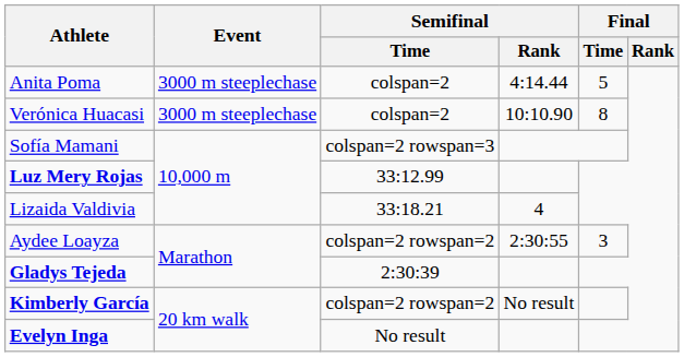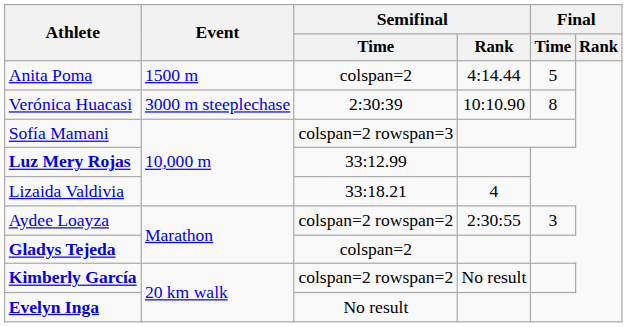 <table class=wikitable style=font-size:90%;text-align:center>
 <tr>
 <th rowspan=2>Athlete</th>
 <th rowspan=2>Event</th>
 <th colspan=2>Semifinal</th>
 <th colspan=2>Final</th>
 </tr>
 <tr style=font-size:95%>
 <th>Time</th>
 <th>Rank</th>
 <th>Time</th>
 <th>Rank</th>
 </tr>
 <tr>
 <td align=left><a href='#'>Anita Poma⁣⁣</a></td>
-<td align=left><a href='#'>3000 m steeplechase</a></td>
+<td align=left><a href='#'>1500 m</a></td>
 <td>colspan=2 </td>
 <td>4:14.44</td>
 <td>5</td>
 </tr>
 <tr>
 <td align=left><a href='#'>Verónica Huacasi⁣</a></td>
 <td align=left><a href='#'>3000 m steeplechase</a></td>
-<td>colspan=2 </td>
+<td>2:30:39</td>
 <td>10:10.90</td>
 <td>8</td>
 </tr>
 <tr>
 <td align=left><a href='#'>Sofía Mamani⁣⁣</a></td>
 <td align=left rowspan=3><a href='#'>10,000 m</a></td>
 <td>colspan=2 rowspan=3 </td>
 <td colspan=2></td>
 </tr>
 <tr>
 <td align=left><strong><a href='#'>Luz Mery Rojas</a></strong></td>
 <td>33:12.99</td>
 <td></td>
 </tr>
 <tr>
 <td align=left><a href='#'>Lizaida Valdivia⁣⁣</a></td>
 <td>33:18.21</td>
 <td>4</td>
 </tr>
 <tr>
 <td align=left><a href='#'>Aydee Loayza⁣</a></td>
 <td align=left rowspan=2><a href='#'>Marathon</a></td>
 <td>colspan=2 rowspan=2 </td>
 <td>2:30:55</td>
 <td>3</td>
 </tr>
 <tr>
 <td align=left><strong><a href='#'>Gladys Tejeda</a>⁣</strong></td>
-<td>2:30:39</td>
+<td>colspan=2 </td>
 <td></td>
 </tr>
 <tr>
 <td align=left><strong><a href='#'>Kimberly García</a></strong></td>
 <td align=left rowspan=2><a href='#'>20 km walk</a></td>
 <td>colspan=2 rowspan=2 </td>
 <td>No result</td>
 <td></td>
 </tr>
 <tr>
 <td align=left><strong><a href='#'>Evelyn Inga⁣⁣</a></strong></td>
 <td>No result</td>
 <td></td>
 </tr>
 </table>
